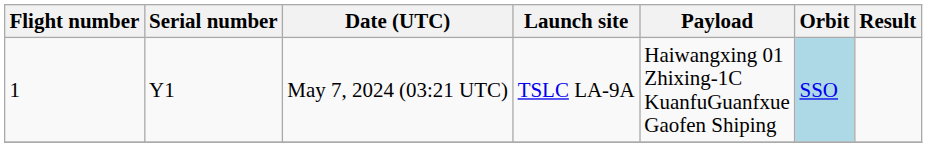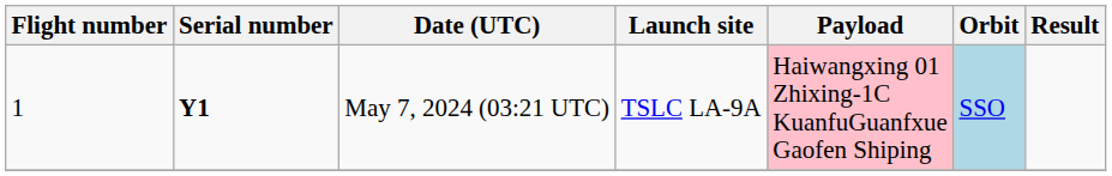 <table class="wikitable">
 <tr>
 <th>Flight number</th>
 <th>Serial number</th>
 <th>Date (UTC)</th>
 <th>Launch site</th>
 <th>Payload</th>
 <th>Orbit</th>
 <th>Result</th>
 </tr>
 <tr>
 <td>1</td>
-<td>Y1</td>
+<td><strong>Y1</strong></td>
 <td>May 7, 2024 (03:21 UTC)</td>
 <td><a href='#'>TSLC</a> LA-9A</td>
-<td>Haiwangxing 01<br>Zhixing-1C<br>KuanfuGuanfxue<br>Gaofen Shiping</td>
+<td style="background: pink;">Haiwangxing 01<br>Zhixing-1C<br>KuanfuGuanfxue<br>Gaofen Shiping</td>
 <td style="background: lightblue;"><a href='#'>SSO</a></td>
 <td></td>
 </tr>
 <tr>
 </tr>
 </table>
